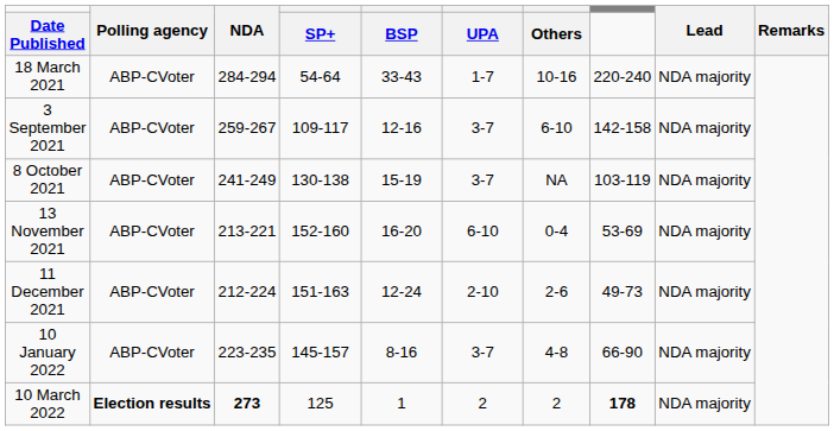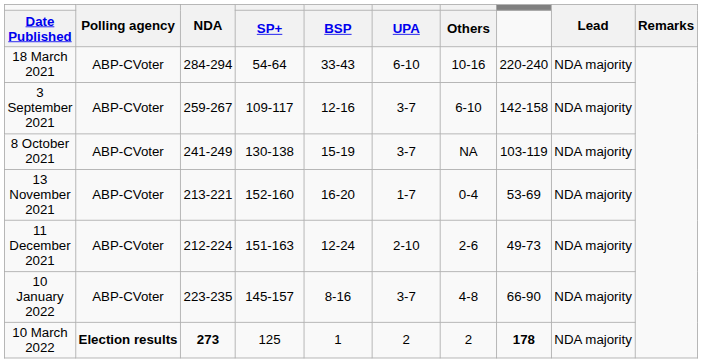 <table class="wikitable sortable" style="text-align:center">
 <tr>
 <td></td>
 <th rowspan="2">Polling agency</th>
 <th rowspan="2">NDA</th>
 <th style="background:"></th>
 <th style="background:"></th>
 <th style="text-align:center; background:"></th>
 <th style="text-align:center; background:"></th>
 <th style="background:gray;"></th>
 <th rowspan="2">Lead</th>
 <th rowspan="2">Remarks</th>
 </tr>
 <tr>
 <th style="width:75px;"><a href='#'>Date Published</a></th>
 <th style="width:75px;"><a href='#'>SP+</a></th>
 <th style="width:75px;"><a href='#'>BSP</a></th>
 <th style="width:75px;"><a href='#'>UPA</a></th>
 <th style="width:60px;">Others</th>
 </tr>
 <tr>
 <td>18 March 2021</td>
 <td>ABP-CVoter</td>
 <td>284-294</td>
 <td>54-64</td>
 <td>33-43</td>
-<td>1-7</td>
+<td>6-10</td>
 <td>10-16</td>
 <td>220-240</td>
 <td>NDA majority</td>
 </tr>
 <tr>
 <td>3 September 2021</td>
 <td>ABP-CVoter</td>
 <td>259-267</td>
 <td>109-117</td>
 <td>12-16</td>
 <td>3-7</td>
 <td>6-10</td>
 <td>142-158</td>
 <td>NDA majority</td>
 </tr>
 <tr>
 <td>8 October 2021</td>
 <td>ABP-CVoter</td>
 <td>241-249</td>
 <td>130-138</td>
 <td>15-19</td>
 <td>3-7</td>
 <td>NA</td>
 <td>103-119</td>
 <td>NDA majority</td>
 </tr>
 <tr>
 <td>13 November 2021</td>
 <td>ABP-CVoter</td>
 <td>213-221</td>
 <td>152-160</td>
 <td>16-20</td>
-<td>6-10</td>
+<td>1-7</td>
 <td>0-4</td>
 <td>53-69</td>
 <td>NDA majority</td>
 </tr>
 <tr>
 <td>11 December 2021</td>
 <td>ABP-CVoter</td>
 <td>212-224</td>
 <td>151-163</td>
 <td>12-24</td>
 <td>2-10</td>
 <td>2-6</td>
 <td>49-73</td>
 <td>NDA majority</td>
 </tr>
 <tr>
 <td>10 January 2022</td>
 <td>ABP-CVoter</td>
 <td>223-235</td>
 <td>145-157</td>
 <td>8-16</td>
 <td>3-7</td>
 <td>4-8</td>
 <td>66-90</td>
 <td>NDA majority</td>
 </tr>
 <tr>
 <td style="background:">10 March 2022</td>
 <td style="background:"><strong>Election results</strong></td>
 <td><strong>273</strong></td>
 <td style="background:">125</td>
 <td style="background:">1</td>
 <td style="background:">2</td>
 <td style="background:">2</td>
 <td><strong>178</strong></td>
 <td style="background:">NDA majority</td>
 </tr>
 </table>
